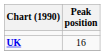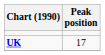 <table class="wikitable">
 <tr>
 <th>Chart (1990)</th>
 <th>Peak<br>position</th>
 </tr>
 <tr>
 <td></td>
 </tr>
 <tr>
 <td><strong><a href='#'>UK</a></strong></td>
-<td style="text-align:center;">16</td>
+<td style="text-align:center;">17</td>
 </tr>
 <tr>
 </tr>
 </table>
